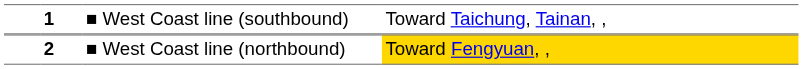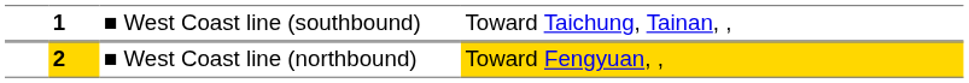 <table border=0 cellspacing=0 cellpadding=3>
 <tr>
 <td width=25 style="border-top:solid 1px gray; border-bottom:solid 1px gray;" rowspan=1></td>
 <td width=30 style="border-top:solid 1px gray; border-bottom:solid 1px gray;" rowspan=1><strong>1</strong></td>
 <td width=250 style="border-top:solid 1px gray; border-bottom:solid 1px gray;"><span>■</span> West Coast line (southbound)</td>
 <td width=350 style="border-top:solid 1px gray; border-bottom:solid 1px gray;">Toward <a href='#'>Taichung</a>, <a href='#'>Tainan</a>, , </td>
 </tr>
 <tr>
 <td width=25 style="border-top:solid 1px gray; border-bottom:solid 1px gray;" rowspan=1></td>
-<td width=30 style="border-top:solid 1px gray; border-bottom:solid 1px gray;" rowspan=1><strong>2</strong></td>
+<td width=30 style="background: gold; border-top:solid 1px gray; border-bottom:solid 1px gray;" rowspan=1><strong>2</strong></td>
 <td width=250 style="border-top:solid 1px gray; border-bottom:solid 1px gray;"><span>■</span> West Coast line (northbound)</td>
 <td width=250 style="background: gold; border-top:solid 1px gray; border-bottom:solid 1px gray;">Toward <a href='#'>Fengyuan</a>, , </td>
 </tr>
 </table>
